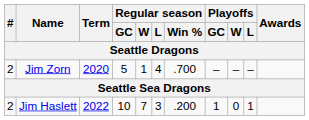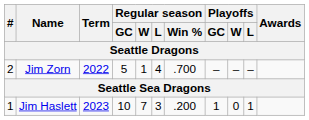 <table class="wikitable" style="text-align:center">
 <tr>
 <th rowspan="2">#</th>
 <th rowspan="2">Name</th>
 <th rowspan="2">Term</th>
 <th colspan="4">Regular season</th>
 <th colspan="3">Playoffs</th>
 <th rowspan="2">Awards</th>
 </tr>
 <tr>
 <th>GC</th>
 <th>W</th>
 <th>L</th>
 <th>Win %</th>
 <th>GC</th>
 <th>W</th>
 <th>L</th>
 </tr>
 <tr>
 <th colspan="11">Seattle Dragons</th>
 </tr>
 <tr>
 <td>2</td>
 <td><a href='#'>Jim Zorn</a></td>
-<td><a href='#'>2020</a></td>
+<td><a href='#'>2022</a></td>
 <td>5</td>
 <td>1</td>
 <td>4</td>
 <td>.700</td>
 <td>–</td>
 <td>–</td>
 <td>–</td>
 <td></td>
 </tr>
 <tr>
 <th colspan="11">Seattle Sea Dragons</th>
 </tr>
 <tr>
-<td>2</td>
+<td>1</td>
 <td><a href='#'>Jim Haslett</a></td>
-<td><a href='#'>2022</a></td>
+<td><a href='#'>2023</a></td>
 <td>10</td>
 <td>7</td>
 <td>3</td>
 <td>.200</td>
 <td>1</td>
 <td>0</td>
 <td>1</td>
 <td></td>
 </tr>
 </table>
